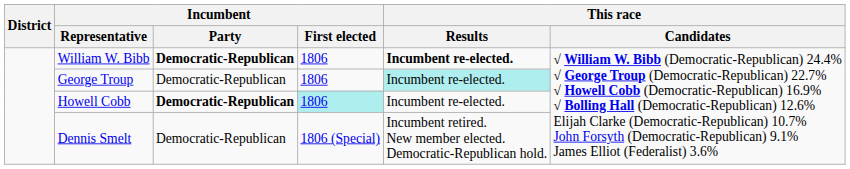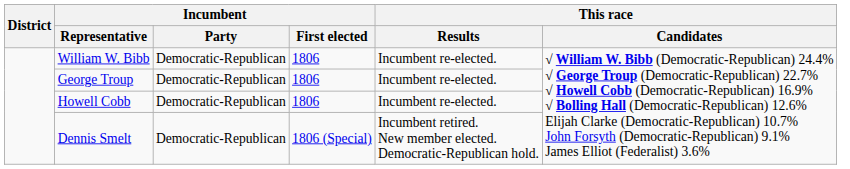 <table class=wikitable>
 <tr>
 <th rowspan=2>District</th>
 <th colspan=3>Incumbent</th>
 <th colspan=2>This race</th>
 </tr>
 <tr>
 <th>Representative</th>
 <th>Party</th>
 <th>First elected</th>
 <th>Results</th>
 <th>Candidates</th>
 </tr>
 <tr>
 <td rowspan=4><br></td>
 <td><a href='#'>William W. Bibb</a></td>
-<td><strong>Democratic-Republican</strong></td>
+<td>Democratic-Republican</td>
 <td><a href='#'>1806</a></td>
-<td><strong>Incumbent re-elected.</strong></td>
+<td>Incumbent re-elected.</td>
 <td rowspan=4 nowrap><strong>√ <a href='#'>William W. Bibb</a></strong> (Democratic-Republican) 24.4%<br><strong>√ <a href='#'>George Troup</a></strong> (Democratic-Republican) 22.7%<br><strong>√ <a href='#'>Howell Cobb</a></strong> (Democratic-Republican) 16.9%<br><strong>√ <a href='#'>Bolling Hall</a></strong> (Democratic-Republican) 12.6%<br>Elijah Clarke (Democratic-Republican) 10.7%<br><a href='#'>John Forsyth</a> (Democratic-Republican) 9.1%<br>James Elliot (Federalist) 3.6%</td>
 </tr>
 <tr>
 <td><a href='#'>George Troup</a></td>
 <td>Democratic-Republican</td>
 <td><a href='#'>1806</a></td>
-<td style="background: paleturquoise;">Incumbent re-elected.</td>
+<td>Incumbent re-elected.</td>
 </tr>
 <tr>
 <td><a href='#'>Howell Cobb</a></td>
-<td><strong>Democratic-Republican</strong></td>
-<td style="background: paleturquoise;"><a href='#'>1806</a></td>
+<td>Democratic-Republican</td>
+<td><a href='#'>1806</a></td>
 <td>Incumbent re-elected.</td>
 </tr>
 <tr>
 <td><a href='#'>Dennis Smelt</a></td>
 <td>Democratic-Republican</td>
 <td><a href='#'>1806 (Special)</a></td>
 <td>Incumbent retired.<br>New member elected.<br>Democratic-Republican hold.</td>
 </tr>
 </table>
